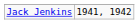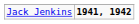 <table class="wikitable">
 <tr>
 </tr>
 <tr>
 <td><a href='#'>Jack Jenkins</a></td>
-<td>1941, 1942</td>
+<td><strong>1941, 1942</strong></td>
 </tr>
 </table>
